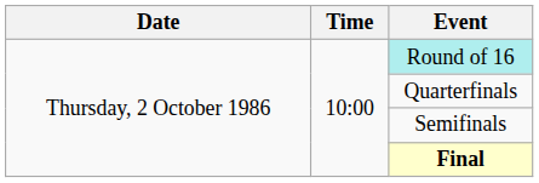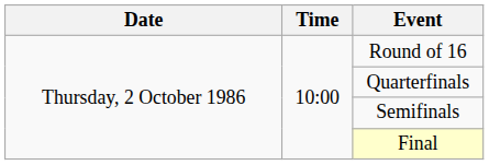 <table class = "wikitable" style="text-align:center;">
 <tr>
 <th width=220>Date</th>
 <th width=50>Time</th>
 <th width=100>Event</th>
 </tr>
 <tr>
 <td rowspan=4>Thursday, 2 October 1986</td>
 <td rowspan=4>10:00</td>
-<td style="background: paleturquoise;">Round of 16</td>
+<td>Round of 16</td>
 </tr>
 <tr>
 <td>Quarterfinals</td>
 </tr>
 <tr>
 <td>Semifinals</td>
 </tr>
 <tr>
-<td bgcolor=ffffcc><strong>Final</strong></td>
+<td bgcolor=ffffcc>Final</td>
 </tr>
 </table>
